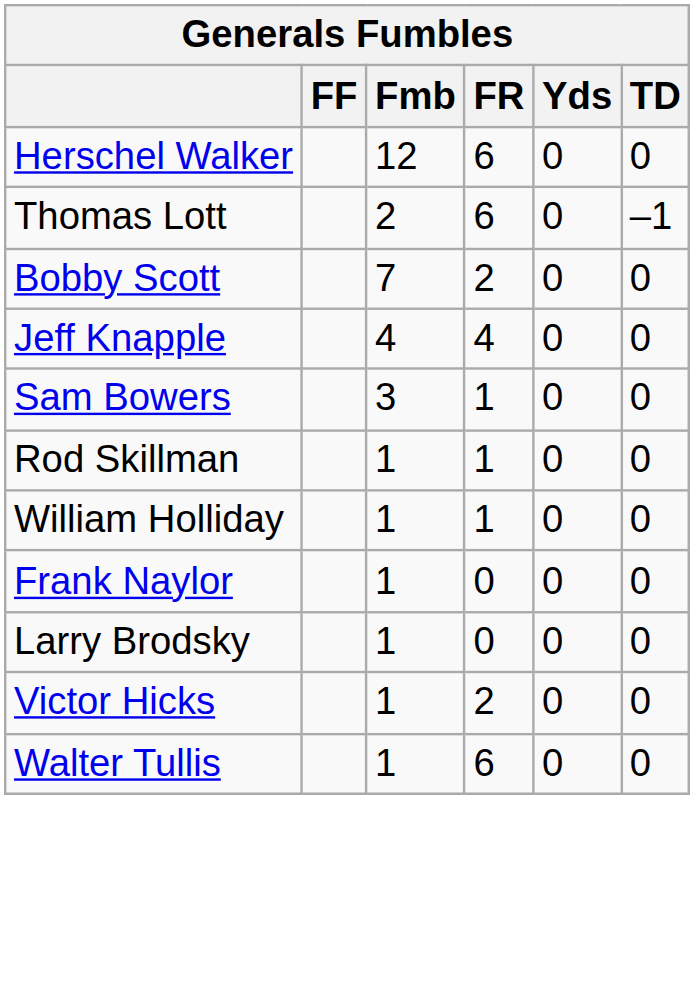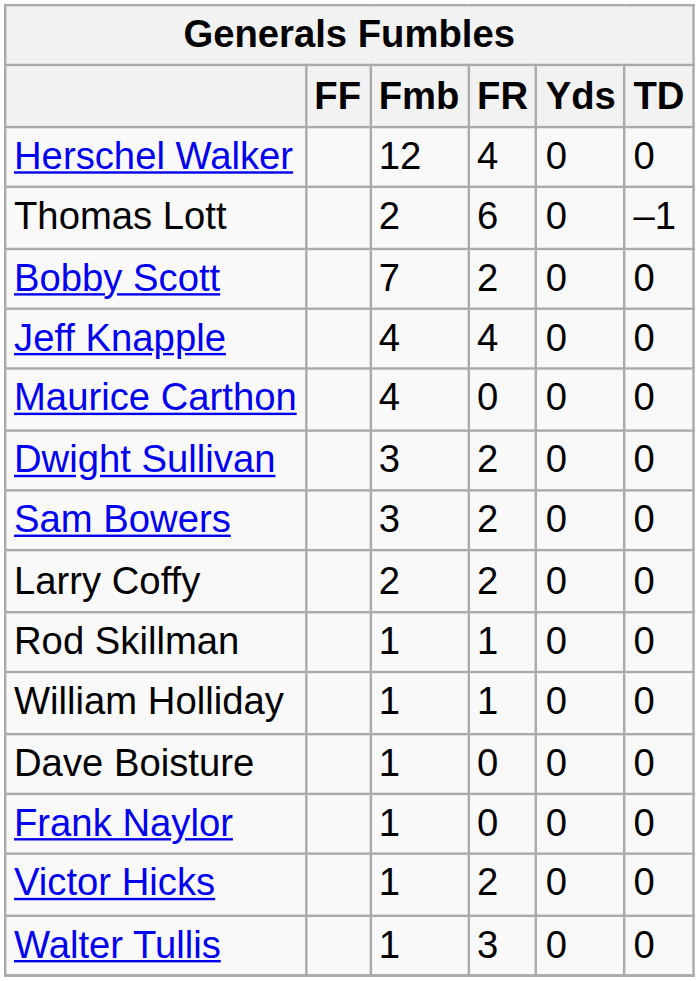 <table class="wikitable">
 <tr>
 <th colspan="6">Generals Fumbles</th>
 </tr>
 <tr>
 <th></th>
 <th>FF</th>
 <th>Fmb</th>
 <th>FR</th>
 <th>Yds</th>
 <th>TD</th>
 </tr>
 <tr>
 <td><a href='#'>Herschel Walker</a></td>
 <td></td>
 <td>12</td>
-<td>6</td>
+<td>4</td>
 <td>0</td>
 <td>0</td>
 </tr>
 <tr>
 <td>Thomas Lott</td>
 <td></td>
 <td>2</td>
 <td>6</td>
 <td>0</td>
 <td>–1</td>
 </tr>
 <tr>
 <td><a href='#'>Bobby Scott</a></td>
 <td></td>
 <td>7</td>
 <td>2</td>
 <td>0</td>
 <td>0</td>
 </tr>
 <tr>
 <td><a href='#'>Jeff Knapple</a></td>
 <td></td>
 <td>4</td>
 <td>4</td>
 <td>0</td>
 <td>0</td>
 </tr>
 <tr>
+<td><a href='#'>Maurice Carthon</a></td>
+<td></td>
+<td>4</td>
+<td>0</td>
+<td>0</td>
+<td>0</td>
+</tr>
+<tr>
+<td><a href='#'>Dwight Sullivan</a></td>
+<td></td>
+<td>3</td>
+<td>2</td>
+<td>0</td>
+<td>0</td>
+</tr>
+<tr>
 <td><a href='#'>Sam Bowers</a></td>
 <td></td>
 <td>3</td>
-<td>1</td>
+<td>2</td>
+<td>0</td>
+<td>0</td>
+</tr>
+<tr>
+<td>Larry Coffy</td>
+<td></td>
+<td>2</td>
+<td>2</td>
 <td>0</td>
 <td>0</td>
 </tr>
 <tr>
 <td>Rod Skillman</td>
 <td></td>
 <td>1</td>
 <td>1</td>
 <td>0</td>
 <td>0</td>
 </tr>
 <tr>
 <td>William Holliday</td>
 <td></td>
 <td>1</td>
 <td>1</td>
 <td>0</td>
 <td>0</td>
 </tr>
 <tr>
-<td><a href='#'>Frank Naylor</a></td>
+<td>Dave Boisture</td>
 <td></td>
 <td>1</td>
 <td>0</td>
 <td>0</td>
 <td>0</td>
 </tr>
 <tr>
-<td>Larry Brodsky</td>
+<td><a href='#'>Frank Naylor</a></td>
 <td></td>
 <td>1</td>
 <td>0</td>
 <td>0</td>
 <td>0</td>
 </tr>
 <tr>
 <td><a href='#'>Victor Hicks</a></td>
 <td></td>
 <td>1</td>
 <td>2</td>
 <td>0</td>
 <td>0</td>
 </tr>
 <tr>
 <td><a href='#'>Walter Tullis</a></td>
 <td></td>
 <td>1</td>
-<td>6</td>
+<td>3</td>
 <td>0</td>
 <td>0</td>
 </tr>
 <tr>
 </tr>
 </table>
